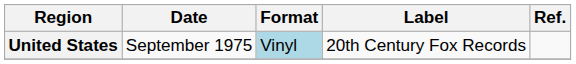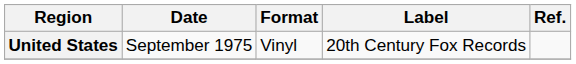 <table class="wikitable plainrowheaders">
 <tr>
 <th scope="col">Region</th>
 <th scope="col">Date</th>
 <th scope="col">Format</th>
 <th scope="col">Label</th>
 <th scope="col">Ref.</th>
 </tr>
 <tr>
 <th scope="row">United States</th>
 <td>September 1975</td>
-<td style="background: lightblue;">Vinyl</td>
+<td>Vinyl</td>
 <td>20th Century Fox Records</td>
 <td></td>
 </tr>
 <tr>
 </tr>
 </table>
